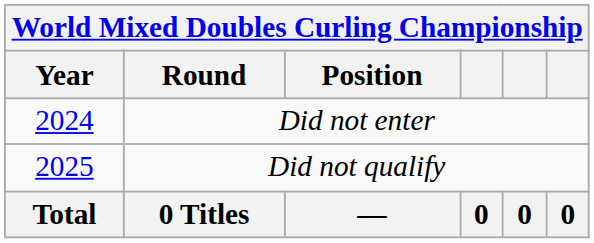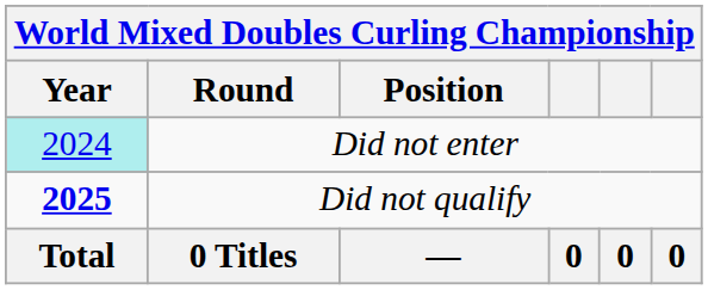 <table class="wikitable" style="text-align: center;">
 <tr>
 <th colspan=10><a href='#'>World Mixed Doubles Curling Championship</a></th>
 </tr>
 <tr>
 <th>Year</th>
 <th>Round</th>
 <th>Position</th>
 <th></th>
 <th></th>
 <th></th>
 </tr>
 <tr>
-<td> <a href='#'>2024</a></td>
+<td style="background: paleturquoise;"> <a href='#'>2024</a></td>
 <td colspan=5><em>Did not enter</em></td>
 </tr>
 <tr>
-<td> <a href='#'>2025</a></td>
+<td><strong> <a href='#'>2025</a></strong></td>
 <td colspan=5><em>Did not qualify</em></td>
 </tr>
 <tr>
 <th>Total</th>
 <th>0 Titles</th>
 <th>—</th>
 <th>0</th>
 <th>0</th>
 <th>0</th>
 </tr>
 </table>
